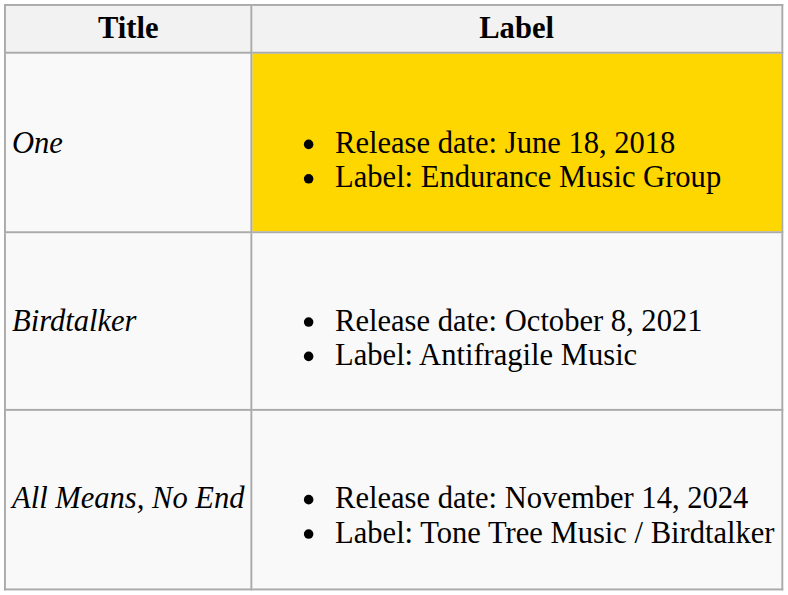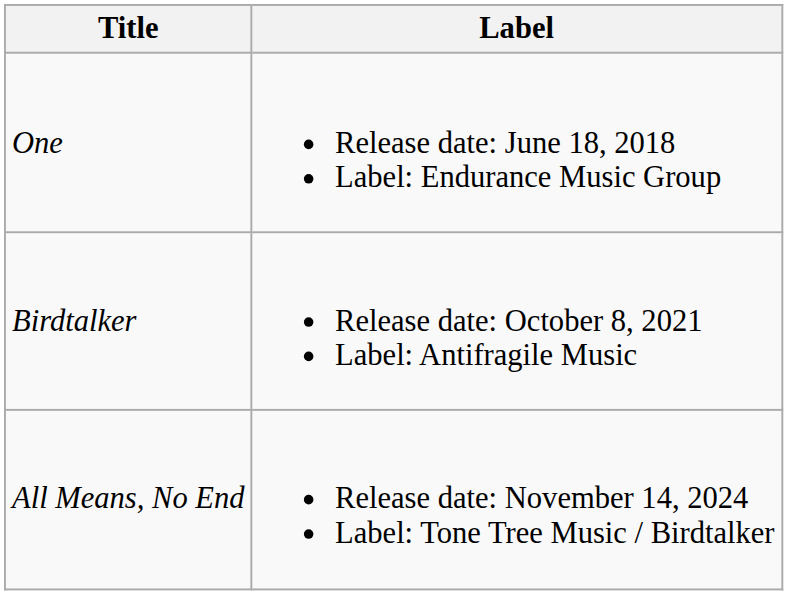 <table class="wikitable">
 <tr>
 <th>Title</th>
 <th>Label</th>
 </tr>
 <tr>
 <td><em>One</em></td>
-<td style="background: gold;"><br><ul><li>Release date: June 18, 2018</li><li>Label: Endurance Music Group</li></ul></td>
+<td><br><ul><li>Release date: June 18, 2018</li><li>Label: Endurance Music Group</li></ul></td>
 </tr>
 <tr>
 <td><em>Birdtalker</em></td>
 <td><br><ul><li>Release date: October 8, 2021</li><li>Label: Antifragile Music</li></ul></td>
 </tr>
 <tr>
 <td><em>All Means, No End</em></td>
 <td><br><ul><li>Release date: November 14, 2024</li><li>Label: Tone Tree Music / Birdtalker</li></ul></td>
 </tr>
 </table>
